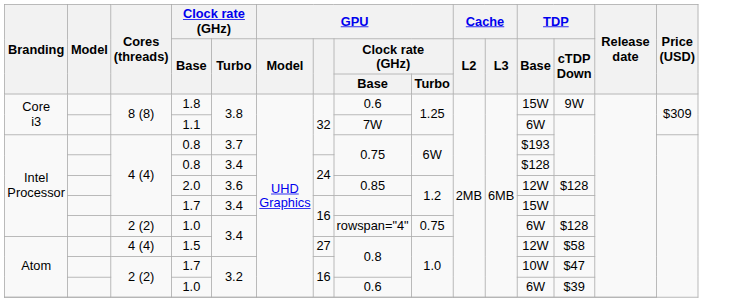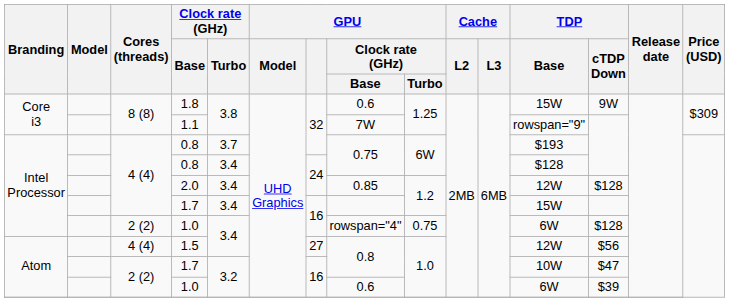 <table class="wikitable sortable" style="text-align:center">
 <tr>
 <th rowspan="3">Branding</th>
 <th rowspan="3">Model</th>
 <th rowspan="3">Cores <br> (threads)</th>
 <th colspan="2"><a href='#'>Clock rate</a> (GHz)</th>
 <th colspan="4"><a href='#'>GPU</a></th>
 <th colspan="2"><a href='#'>Cache</a></th>
 <th colspan="2"><a href='#'>TDP</a></th>
 <th rowspan="3">Release date</th>
 <th rowspan="3">Price <br> (USD)</th>
 </tr>
 <tr>
 <th rowspan="2">Base</th>
 <th rowspan="2">Turbo</th>
 <th rowspan="2">Model</th>
 <th rowspan="2"></th>
 <th colspan="2">Clock rate <br> (GHz)</th>
 <th rowspan="2">L2</th>
 <th rowspan="2">L3</th>
 <th rowspan="2">Base</th>
 <th rowspan="2">cTDP <br> Down</th>
 </tr>
 <tr>
 <th>Base</th>
 <th>Turbo</th>
 </tr>
 <tr>
 <td rowspan="2">Core <br> i3</td>
 <td rowspan="1"></td>
 <td rowspan="2">8 (8)</td>
 <td>1.8</td>
 <td rowspan="2">3.8</td>
 <td rowspan="10"><a href='#'>UHD <br> Graphics</a></td>
 <td rowspan="3">32</td>
 <td>0.6</td>
 <td rowspan="2">1.25</td>
 <td rowspan="10">2MB</td>
 <td rowspan="10">6MB</td>
 <td>15W</td>
 <td>9W</td>
 <td rowspan="10"></td>
 <td rowspan="2">$309</td>
 </tr>
 <tr>
 <td></td>
 <td>1.1</td>
 <td>7W</td>
-<td>6W</td>
+<td>rowspan="9" </td>
 </tr>
 <tr>
 <td rowspan="5">Intel <br> Processor</td>
 <td></td>
 <td rowspan="4">4 (4)</td>
 <td>0.8</td>
 <td>3.7</td>
 <td rowspan="2">0.75</td>
 <td rowspan="2">6W</td>
 <td>$193</td>
 </tr>
 <tr>
 <td></td>
 <td>0.8</td>
 <td>3.4</td>
 <td rowspan="2">24</td>
 <td>$128</td>
 </tr>
 <tr>
 <td></td>
 <td>2.0</td>
-<td>3.6</td>
+<td>3.4</td>
 <td>0.85</td>
 <td rowspan="2">1.2</td>
 <td>12W</td>
 <td>$128</td>
 </tr>
 <tr>
 <td></td>
 <td>1.7</td>
 <td>3.4</td>
 <td rowspan="2">16</td>
 <td></td>
 <td>15W</td>
 <td></td>
 </tr>
 <tr>
 <td></td>
 <td>2 (2)</td>
 <td>1.0</td>
 <td rowspan="2">3.4</td>
 <td>rowspan="4" </td>
 <td>0.75</td>
 <td>6W</td>
 <td>$128</td>
 </tr>
 <tr>
 <td rowspan="3">Atom</td>
 <td></td>
 <td>4 (4)</td>
 <td>1.5</td>
 <td>27</td>
 <td rowspan="2">0.8</td>
 <td rowspan="3">1.0</td>
 <td>12W</td>
-<td>$58</td>
+<td>$56</td>
 </tr>
 <tr>
 <td></td>
 <td rowspan="2">2 (2)</td>
 <td>1.7</td>
 <td rowspan="2">3.2</td>
 <td rowspan="2">16</td>
 <td>10W</td>
 <td>$47</td>
 </tr>
 <tr>
 <td></td>
 <td>1.0</td>
 <td>0.6</td>
 <td>6W</td>
 <td>$39</td>
 </tr>
 <tr>
 </tr>
 </table>
